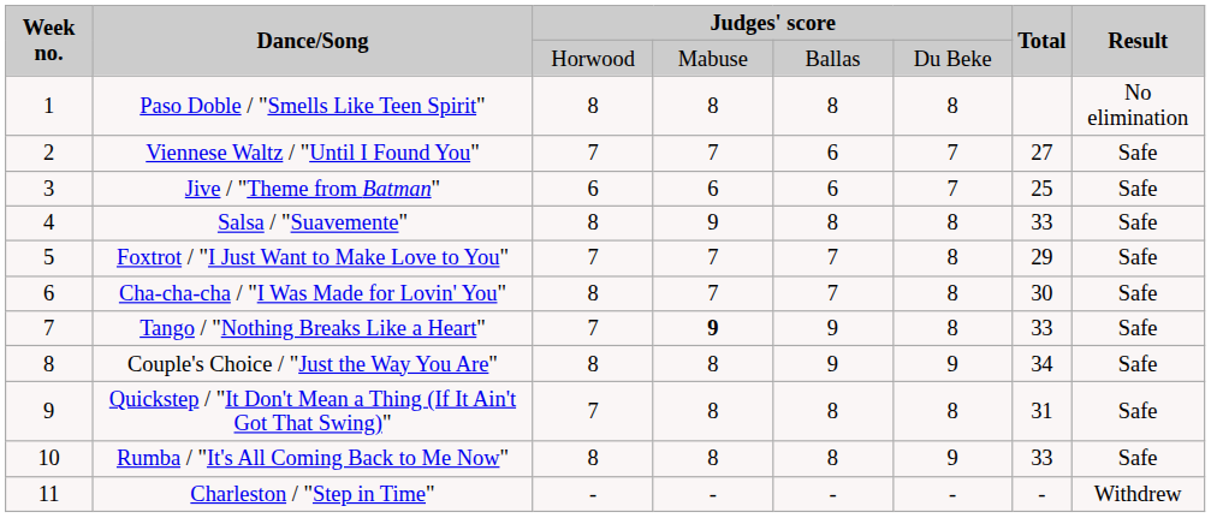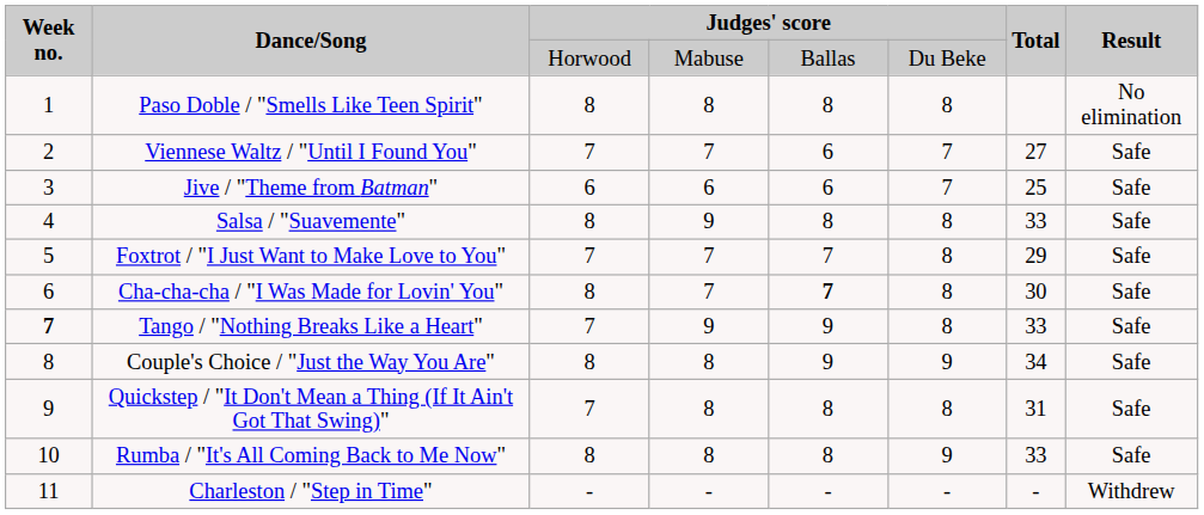 <table class="wikitable collapsible collapsed">
 <tr>
 <th rowspan="2" style="background:#ccc; text-align:Center;">Week no.</th>
 <th rowspan="2" style="background:#ccc; text-align:Center;">Dance/Song</th>
 <th colspan="4" style="background:#ccc; text-align:Center;">Judges' score</th>
 <th rowspan="2" style="background:#ccc; text-align:Center;">Total</th>
 <th rowspan="2" style="background:#ccc; text-align:Center;">Result</th>
 </tr>
 <tr style="text-align:center; background:#ccc;">
 <td style="width:10%; ">Horwood</td>
 <td style="width:10%; ">Mabuse</td>
 <td style="width:10%; ">Ballas</td>
 <td style="width:10%; ">Du Beke</td>
 </tr>
 <tr style="text-align:center; background:#faf6f6">
 <td>1</td>
 <td style="text-align:center; background:#faf6f6;"><a href='#'>Paso Doble</a> / "<a href='#'>Smells Like Teen Spirit</a>"</td>
 <td style="text-align:center; background:#faf6f6;">8</td>
 <td style="text-align:center; background:#faf6f6;">8</td>
 <td style="text-align:center; background:#faf6f6;">8</td>
 <td style="text-align:center; background:#faf6f6;">8</td>
 <td style="text-align:center; background:#faf6f6;"></td>
 <td style="text-align:center; background:#faf6f6;">No elimination</td>
 </tr>
 <tr style="text-align:center; background:#faf6f6">
 <td>2</td>
 <td style="text-align:center; background:#faf6f6;"><a href='#'>Viennese Waltz</a> / "<a href='#'>Until I Found You</a>"</td>
 <td style="text-align:center; background:#faf6f6;">7</td>
 <td style="text-align:center; background:#faf6f6;">7</td>
 <td style="text-align:center; background:#faf6f6;">6</td>
 <td style="text-align:center; background:#faf6f6;">7</td>
 <td style="text-align:center; background:#faf6f6;">27</td>
 <td style="text-align:center; background:#faf6f6;">Safe</td>
 </tr>
 <tr style="text-align:center; background:#faf6f6">
 <td>3</td>
 <td style="text-align:center; background:#faf6f6;"><a href='#'>Jive</a> / "<a href='#'>Theme from <em>Batman</em></a>"</td>
 <td style="text-align:center; background:#faf6f6;">6</td>
 <td style="text-align:center; background:#faf6f6;">6</td>
 <td style="text-align:center; background:#faf6f6;">6</td>
 <td style="text-align:center; background:#faf6f6;">7</td>
 <td style="text-align:center; background:#faf6f6;">25</td>
 <td style="text-align:center; background:#faf6f6;">Safe</td>
 </tr>
 <tr style="text-align:center; background:#faf6f6">
 <td>4</td>
 <td style="text-align:center; background:#faf6f6;"><a href='#'>Salsa</a> / "<a href='#'>Suavemente</a>"</td>
 <td style="text-align:center; background:#faf6f6;">8</td>
 <td style="text-align:center; background:#faf6f6;">9</td>
 <td style="text-align:center; background:#faf6f6;">8</td>
 <td style="text-align:center; background:#faf6f6;">8</td>
 <td style="text-align:center; background:#faf6f6;">33</td>
 <td style="text-align:center; background:#faf6f6;">Safe</td>
 </tr>
 <tr style="text-align:center; background:#faf6f6">
 <td>5</td>
 <td style="text-align:center; background:#faf6f6;"><a href='#'>Foxtrot</a> / "<a href='#'>I Just Want to Make Love to You</a>"</td>
 <td style="text-align:center; background:#faf6f6;">7</td>
 <td style="text-align:center; background:#faf6f6;">7</td>
 <td style="text-align:center; background:#faf6f6;">7</td>
 <td style="text-align:center; background:#faf6f6;">8</td>
 <td style="text-align:center; background:#faf6f6;">29</td>
 <td style="text-align:center; background:#faf6f6;">Safe</td>
 </tr>
 <tr style="text-align:center; background:#faf6f6">
 <td>6</td>
 <td style="text-align:center; background:#faf6f6;"><a href='#'>Cha-cha-cha</a> / "<a href='#'>I Was Made for Lovin' You</a>"</td>
 <td style="text-align:center; background:#faf6f6;">8</td>
 <td style="text-align:center; background:#faf6f6;">7</td>
-<td style="text-align:center; background:#faf6f6;">7</td>
+<td style="text-align:center; background:#faf6f6;"><strong>7</strong></td>
 <td style="text-align:center; background:#faf6f6;">8</td>
 <td style="text-align:center; background:#faf6f6;">30</td>
 <td style="text-align:center; background:#faf6f6;">Safe</td>
 </tr>
 <tr style="text-align:center; background:#faf6f6">
-<td>7</td>
+<td><strong>7</strong></td>
 <td style="text-align:center; background:#faf6f6;"><a href='#'>Tango</a> / "<a href='#'>Nothing Breaks Like a Heart</a>"</td>
 <td style="text-align:center; background:#faf6f6;">7</td>
-<td style="text-align:center; background:#faf6f6;"><strong>9</strong></td>
+<td style="text-align:center; background:#faf6f6;">9</td>
 <td style="text-align:center; background:#faf6f6;">9</td>
 <td style="text-align:center; background:#faf6f6;">8</td>
 <td style="text-align:center; background:#faf6f6;">33</td>
 <td style="text-align:center; background:#faf6f6;">Safe</td>
 </tr>
 <tr style="text-align:center; background:#faf6f6">
 <td>8</td>
 <td style="text-align:center; background:#faf6f6;">Couple's Choice / "<a href='#'>Just the Way You Are</a>"</td>
 <td style="text-align:center; background:#faf6f6;">8</td>
 <td style="text-align:center; background:#faf6f6;">8</td>
 <td style="text-align:center; background:#faf6f6;">9</td>
 <td style="text-align:center; background:#faf6f6;">9</td>
 <td style="text-align:center; background:#faf6f6;">34</td>
 <td style="text-align:center; background:#faf6f6;">Safe</td>
 </tr>
 <tr style="text-align:center; background:#faf6f6">
 <td>9</td>
 <td style="text-align:center; background:#faf6f6;"><a href='#'>Quickstep</a> / "<a href='#'>It Don't Mean a Thing (If It Ain't Got That Swing)</a>"</td>
 <td style="text-align:center; background:#faf6f6;">7</td>
 <td style="text-align:center; background:#faf6f6;">8</td>
 <td style="text-align:center; background:#faf6f6;">8</td>
 <td style="text-align:center; background:#faf6f6;">8</td>
 <td style="text-align:center; background:#faf6f6;">31</td>
 <td style="text-align:center; background:#faf6f6;">Safe</td>
 </tr>
 <tr style="text-align:center; background:#faf6f6">
 <td>10</td>
 <td style="text-align:center; background:#faf6f6;"><a href='#'>Rumba</a> / "<a href='#'>It's All Coming Back to Me Now</a>"</td>
 <td style="text-align:center; background:#faf6f6;">8</td>
 <td style="text-align:center; background:#faf6f6;">8</td>
 <td style="text-align:center; background:#faf6f6;">8</td>
 <td style="text-align:center; background:#faf6f6;">9</td>
 <td style="text-align:center; background:#faf6f6;">33</td>
 <td style="text-align:center; background:#faf6f6;">Safe</td>
 </tr>
 <tr style="text-align:center; background:#faf6f6">
 <td>11</td>
 <td style="text-align:center; background:#faf6f6;"><a href='#'>Charleston</a> / "<a href='#'>Step in Time</a>"</td>
 <td style="text-align:center; background:#faf6f6;">-</td>
 <td style="text-align:center; background:#faf6f6;">-</td>
 <td style="text-align:center; background:#faf6f6;">-</td>
 <td style="text-align:center; background:#faf6f6;">-</td>
 <td style="text-align:center; background:#faf6f6;">-</td>
 <td style="text-align:center; background:#faf6f6;">Withdrew</td>
 </tr>
 </table>
